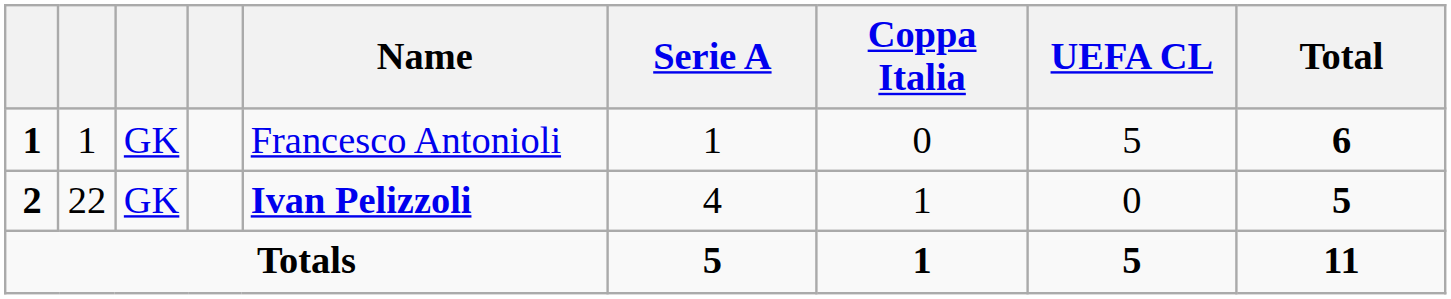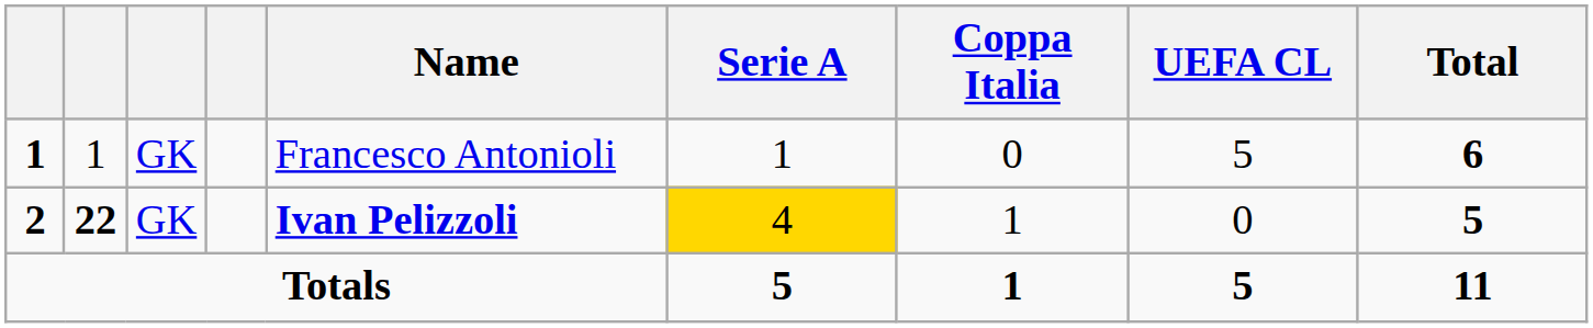 <table class="wikitable" style="text-align:center">
 <tr>
 <th width=15></th>
 <th width=15></th>
 <th width=15></th>
 <th width=15></th>
 <th width=145>Name</th>
 <th width=80><a href='#'>Serie A</a></th>
 <th width=80><a href='#'>Coppa Italia</a></th>
 <th width=80><a href='#'>UEFA CL</a></th>
 <th width=80>Total</th>
 </tr>
 <tr>
 <td><strong>1</strong></td>
 <td>1</td>
 <td><a href='#'>GK</a></td>
 <td></td>
 <td align=left><a href='#'>Francesco Antonioli</a></td>
 <td>1</td>
 <td>0</td>
 <td>5</td>
 <td><strong>6</strong></td>
 </tr>
 <tr>
 <td><strong>2</strong></td>
-<td>22</td>
+<td><strong>22</strong></td>
 <td><a href='#'>GK</a></td>
 <td></td>
 <td align=left><strong><a href='#'>Ivan Pelizzoli</a></strong></td>
-<td>4</td>
+<td style="background: gold;">4</td>
 <td>1</td>
 <td>0</td>
 <td><strong>5</strong></td>
 </tr>
 <tr>
 <td colspan=5><strong>Totals</strong></td>
 <td><strong>5</strong></td>
 <td><strong>1</strong></td>
 <td><strong>5</strong></td>
 <td><strong>11</strong></td>
 </tr>
 </table>
